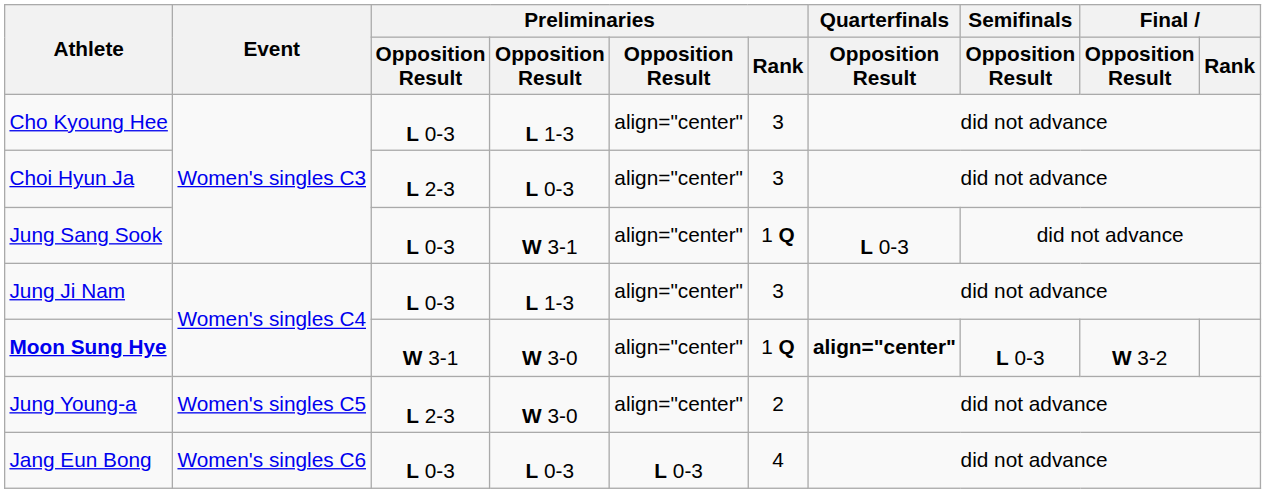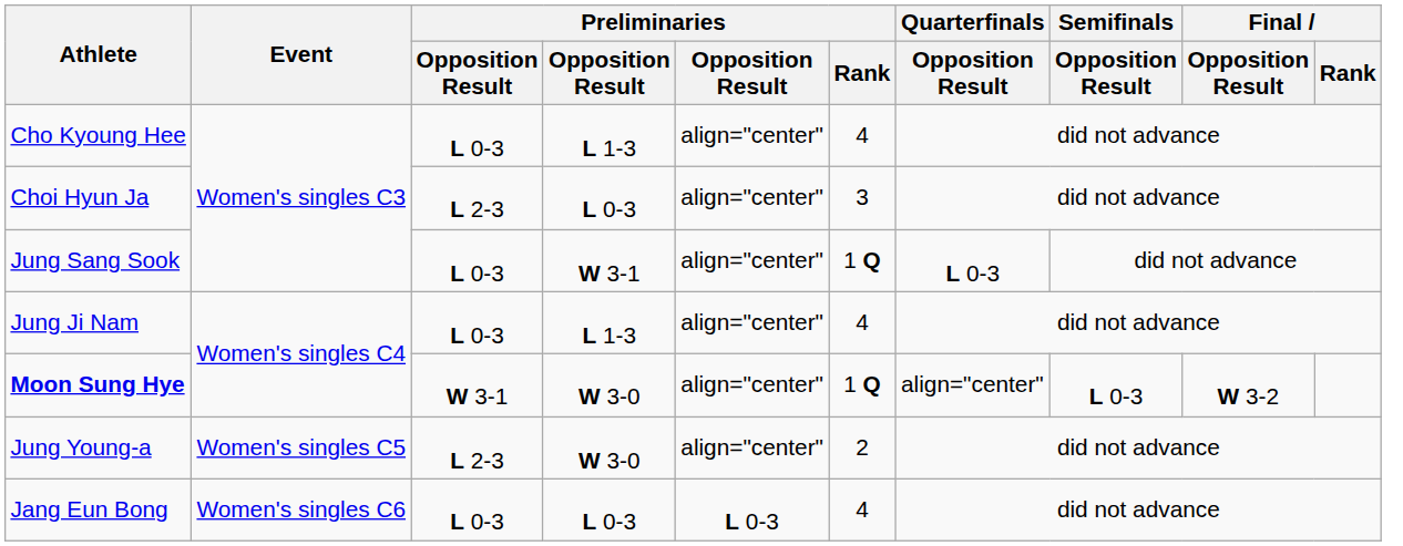 <table class=wikitable style>
 <tr>
 <th rowspan="2">Athlete</th>
 <th rowspan="2">Event</th>
 <th colspan="4">Preliminaries</th>
 <th>Quarterfinals</th>
 <th>Semifinals</th>
 <th colspan="2">Final / </th>
 </tr>
 <tr>
 <th>Opposition<br>Result</th>
 <th>Opposition<br>Result</th>
 <th>Opposition<br>Result</th>
 <th>Rank</th>
 <th>Opposition<br>Result</th>
 <th>Opposition<br>Result</th>
 <th>Opposition<br>Result</th>
 <th>Rank</th>
 </tr>
 <tr>
 <td><a href='#'>Cho Kyoung Hee</a></td>
 <td rowspan=3><a href='#'>Women's singles C3</a></td>
 <td align="center"><br><strong>L</strong> 0-3</td>
 <td align="center"><br><strong>L</strong> 1-3</td>
 <td>align="center" </td>
-<td align="center">3</td>
+<td align="center">4</td>
 <td align="center" colspan=4>did not advance</td>
 </tr>
 <tr>
 <td><a href='#'>Choi Hyun Ja</a></td>
 <td align="center"><br><strong>L</strong> 2-3</td>
 <td align="center"><br><strong>L</strong> 0-3</td>
 <td>align="center" </td>
 <td align="center">3</td>
 <td align="center" colspan=4>did not advance</td>
 </tr>
 <tr>
 <td><a href='#'>Jung Sang Sook</a></td>
 <td align="center"><br><strong>L</strong> 0-3</td>
 <td align="center"><br><strong>W</strong> 3-1</td>
 <td>align="center" </td>
 <td align="center">1 <strong>Q</strong></td>
 <td align="center"><br><strong>L</strong> 0-3</td>
 <td align="center" colspan=3>did not advance</td>
 </tr>
 <tr>
 <td><a href='#'>Jung Ji Nam</a></td>
 <td rowspan=2><a href='#'>Women's singles C4</a></td>
 <td align="center"><br><strong>L</strong> 0-3</td>
 <td align="center"><br><strong>L</strong> 1-3</td>
 <td>align="center" </td>
-<td align="center">3</td>
+<td align="center">4</td>
 <td align="center" colspan=4>did not advance</td>
 </tr>
 <tr>
 <td><strong><a href='#'>Moon Sung Hye</a></strong></td>
 <td align="center"><br><strong>W</strong> 3-1</td>
 <td align="center"><br><strong>W</strong> 3-0</td>
 <td>align="center" </td>
 <td align="center">1 <strong>Q</strong></td>
-<td><strong>align="center" </strong></td>
+<td>align="center" </td>
 <td align="center"><br><strong>L</strong> 0-3</td>
 <td align="center"><br><strong>W</strong> 3-2</td>
 <td align="center"></td>
 </tr>
 <tr>
 <td><a href='#'>Jung Young-a</a></td>
 <td><a href='#'>Women's singles C5</a></td>
 <td align="center"><br><strong>L</strong> 2-3</td>
 <td align="center"><br><strong>W</strong> 3-0</td>
 <td>align="center" </td>
 <td align="center">2</td>
 <td align="center" colspan=4>did not advance</td>
 </tr>
 <tr>
 <td><a href='#'>Jang Eun Bong</a></td>
 <td><a href='#'>Women's singles C6</a></td>
 <td align="center"><br><strong>L</strong> 0-3</td>
 <td align="center"><br><strong>L</strong> 0-3</td>
 <td align="center"><br><strong>L</strong> 0-3</td>
 <td align="center">4</td>
 <td align="center" colspan=4>did not advance</td>
 </tr>
 </table>
